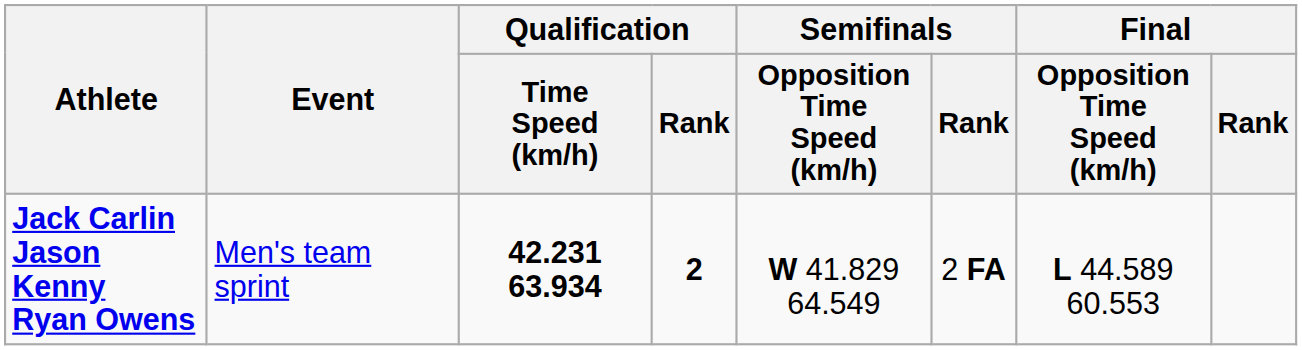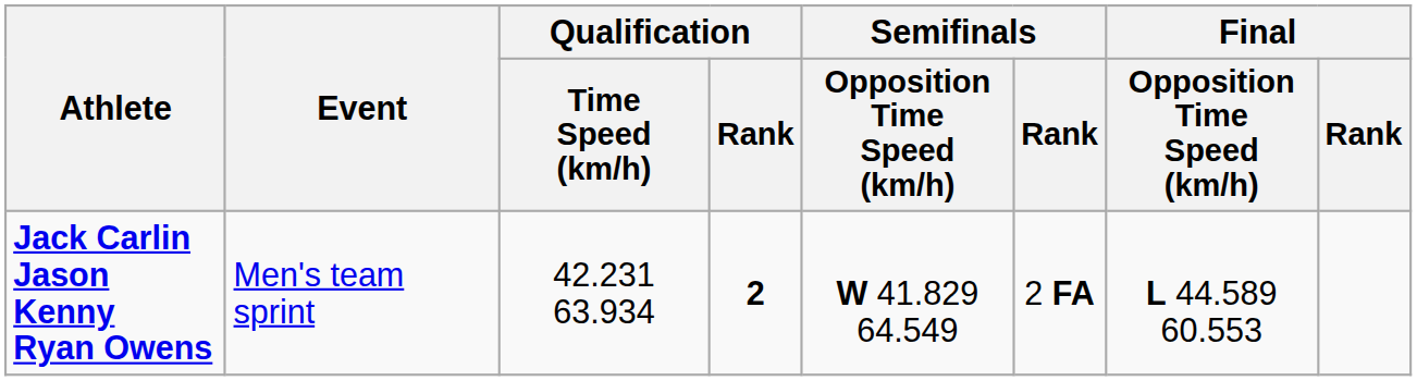 <table class=wikitable style=font-size:90%>
 <tr>
 <th rowspan=2>Athlete</th>
 <th rowspan=2>Event</th>
 <th colspan=2>Qualification</th>
 <th colspan=2>Semifinals</th>
 <th colspan=2>Final</th>
 </tr>
 <tr style=font-size:95%>
 <th>Time<br>Speed (km/h)</th>
 <th>Rank</th>
 <th>Opposition<br>Time<br>Speed (km/h)</th>
 <th>Rank</th>
 <th>Opposition<br>Time<br>Speed (km/h)</th>
 <th>Rank</th>
 </tr>
 <tr align=center>
 <td align=left><strong><a href='#'>Jack Carlin</a><br><a href='#'>Jason Kenny</a><br><a href='#'>Ryan Owens</a></strong></td>
 <td align=left><a href='#'>Men's team sprint</a></td>
-<td><strong>42.231<br>63.934</strong></td>
+<td>42.231<br>63.934</td>
 <td><strong>2</strong></td>
 <td><br><strong>W</strong> 41.829<br>64.549</td>
 <td>2 <strong>FA</strong></td>
 <td><br><strong>L</strong> 44.589<br>60.553</td>
 <td></td>
 </tr>
 </table>
